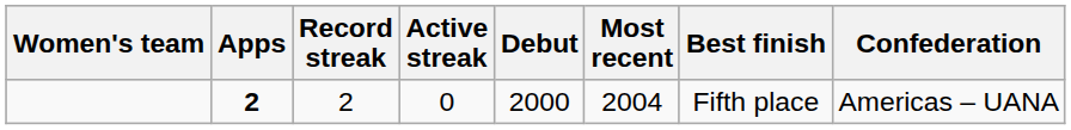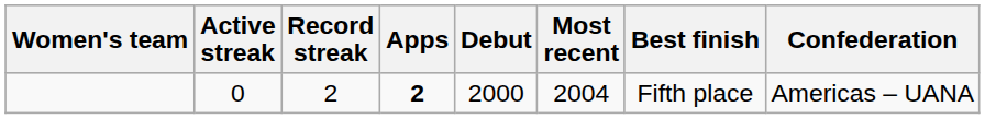 <table class="wikitable" style="text-align: center; font-size: 90%; margin-left: 1em;">
 <tr>
 <th>Women's team</th>
+<th>Active<br>streak</th>
+<th>Record<br>streak</th>
 <th>Apps</th>
-<th>Record<br>streak</th>
-<th>Active<br>streak</th>
 <th>Debut</th>
 <th>Most<br>recent</th>
 <th>Best finish</th>
 <th>Confederation</th>
 </tr>
 <tr>
 <td style="text-align: left;"></td>
+<td>0</td>
+<td>2</td>
 <td><strong>2</strong></td>
-<td>2</td>
-<td>0</td>
 <td>2000</td>
 <td>2004</td>
 <td>Fifth place</td>
 <td>Americas – UANA</td>
 </tr>
 </table>
